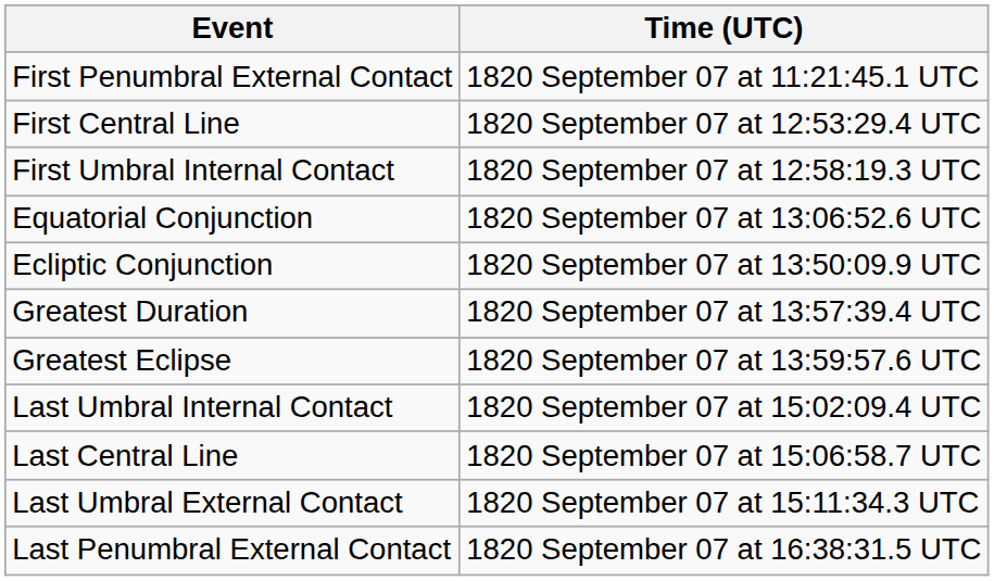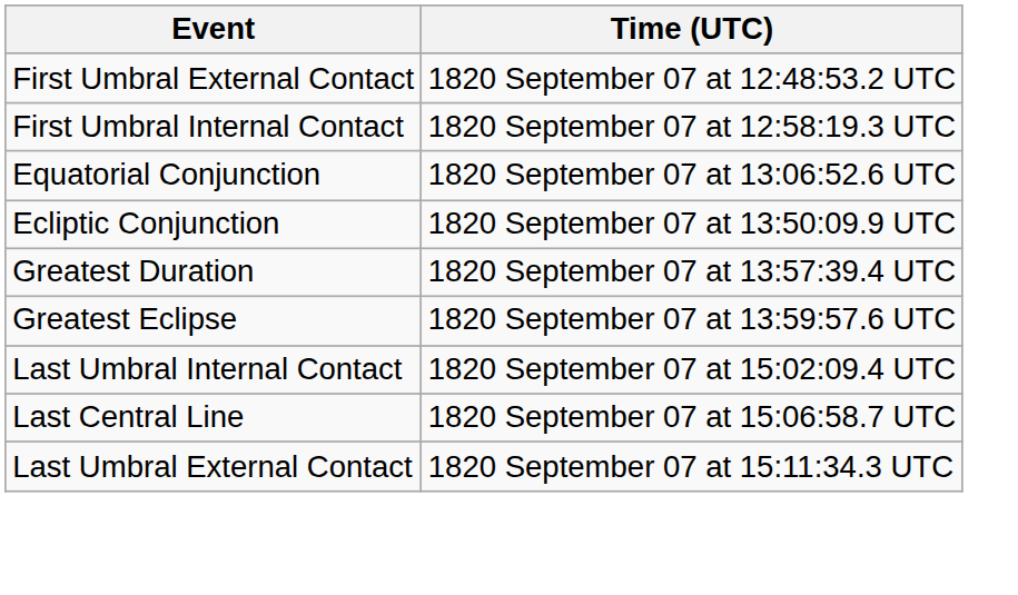 <table class="wikitable">
 <tr>
 <th>Event</th>
 <th>Time (UTC)</th>
 </tr>
 <tr>
-<td>First Penumbral External Contact</td>
-<td>1820 September 07 at 11:21:45.1 UTC</td>
-</tr>
-<tr>
-<td>First Central Line</td>
-<td>1820 September 07 at 12:53:29.4 UTC</td>
+<td>First Umbral External Contact</td>
+<td>1820 September 07 at 12:48:53.2 UTC</td>
 </tr>
 <tr>
 <td>First Umbral Internal Contact</td>
 <td>1820 September 07 at 12:58:19.3 UTC</td>
 </tr>
 <tr>
 <td>Equatorial Conjunction</td>
 <td>1820 September 07 at 13:06:52.6 UTC</td>
 </tr>
 <tr>
 <td>Ecliptic Conjunction</td>
 <td>1820 September 07 at 13:50:09.9 UTC</td>
 </tr>
 <tr>
 <td>Greatest Duration</td>
 <td>1820 September 07 at 13:57:39.4 UTC</td>
 </tr>
 <tr>
 <td>Greatest Eclipse</td>
 <td>1820 September 07 at 13:59:57.6 UTC</td>
 </tr>
 <tr>
 <td>Last Umbral Internal Contact</td>
 <td>1820 September 07 at 15:02:09.4 UTC</td>
 </tr>
 <tr>
 <td>Last Central Line</td>
 <td>1820 September 07 at 15:06:58.7 UTC</td>
 </tr>
 <tr>
 <td>Last Umbral External Contact</td>
 <td>1820 September 07 at 15:11:34.3 UTC</td>
 </tr>
-<tr>
-<td>Last Penumbral External Contact</td>
-<td>1820 September 07 at 16:38:31.5 UTC</td>
-</tr>
 </table>
